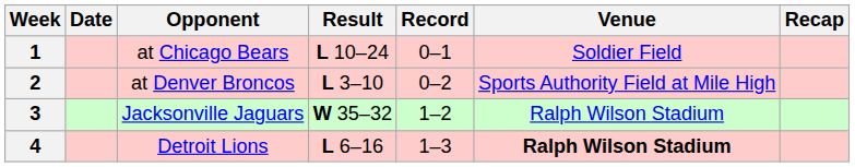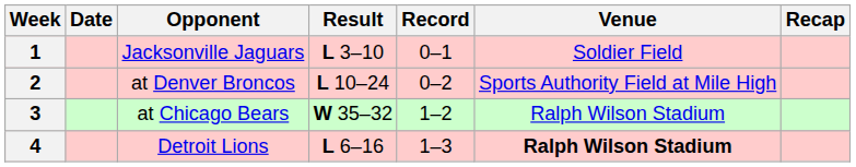 <table class="wikitable" style="text-align:center">
 <tr>
 <th>Week</th>
 <th>Date</th>
 <th>Opponent</th>
 <th>Result</th>
 <th>Record</th>
 <th>Venue</th>
 <th>Recap</th>
 </tr>
 <tr style="background:#fcc">
 <th>1</th>
 <td></td>
-<td>at <a href='#'>Chicago Bears</a></td>
-<td><strong>L</strong> 10–24</td>
+<td><a href='#'>Jacksonville Jaguars</a></td>
+<td><strong>L</strong> 3–10</td>
 <td>0–1</td>
 <td><a href='#'>Soldier Field</a></td>
 <td></td>
 </tr>
 <tr style="background:#fcc">
 <th>2</th>
 <td></td>
 <td>at <a href='#'>Denver Broncos</a></td>
-<td><strong>L</strong> 3–10</td>
+<td><strong>L</strong> 10–24</td>
 <td>0–2</td>
 <td><a href='#'>Sports Authority Field at Mile High</a></td>
 <td></td>
 </tr>
 <tr style="background:#cfc">
 <th>3</th>
 <td></td>
-<td><a href='#'>Jacksonville Jaguars</a></td>
+<td>at <a href='#'>Chicago Bears</a></td>
 <td><strong>W</strong> 35–32 </td>
 <td>1–2</td>
 <td><a href='#'>Ralph Wilson Stadium</a></td>
 <td></td>
 </tr>
 <tr style="background:#fcc">
 <th>4</th>
 <td></td>
 <td><a href='#'>Detroit Lions</a></td>
 <td><strong>L</strong> 6–16</td>
 <td>1–3</td>
 <td><strong>Ralph Wilson Stadium</strong></td>
 <td></td>
 </tr>
 </table>
